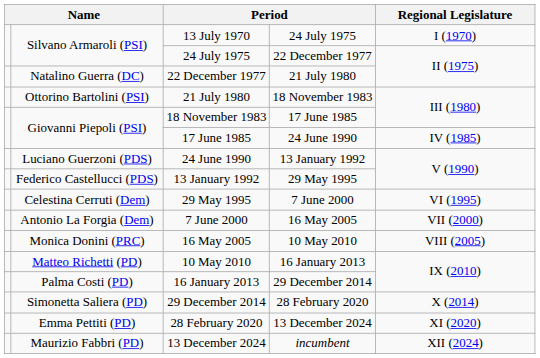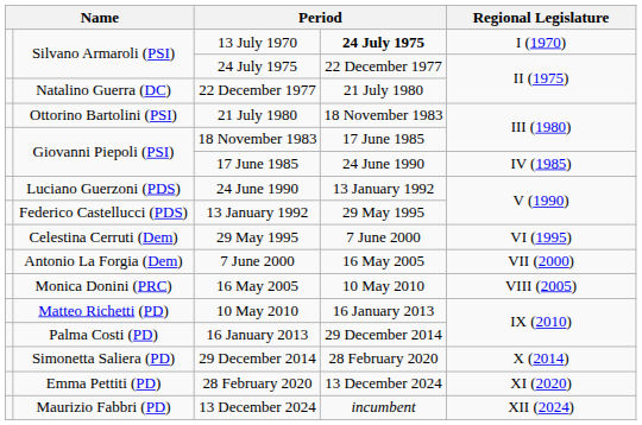 <table class="wikitable">
 <tr>
 <th width="30%" colspan=2>Name</th>
 <th width="40%" colspan=2>Period</th>
 <th width="30%">Regional Legislature</th>
 </tr>
 <tr align=center>
 <td rowspan=2 style="background:"></td>
 <td rowspan=2>Silvano Armaroli (<a href='#'>PSI</a>)</td>
 <td>13 July 1970</td>
-<td>24 July 1975</td>
+<td><strong>24 July 1975</strong></td>
 <td>I (<a href='#'>1970</a>)</td>
 </tr>
 <tr align=center>
 <td>24 July 1975</td>
 <td>22 December 1977</td>
 <td rowspan=2>II (<a href='#'>1975</a>)</td>
 </tr>
 <tr align=center>
 <td style="background:"></td>
 <td>Natalino Guerra (<a href='#'>DC</a>)</td>
 <td>22 December 1977</td>
 <td>21 July 1980</td>
 </tr>
 <tr align=center>
 <td style="background:"></td>
 <td>Ottorino Bartolini (<a href='#'>PSI</a>)</td>
 <td>21 July 1980</td>
 <td>18 November 1983</td>
 <td rowspan=2>III (<a href='#'>1980</a>)</td>
 </tr>
 <tr align=center>
 <td rowspan=2 style="background:"></td>
 <td rowspan=2>Giovanni Piepoli (<a href='#'>PSI</a>)</td>
 <td>18 November 1983</td>
 <td>17 June 1985</td>
 </tr>
 <tr align=center>
 <td>17 June 1985</td>
 <td>24 June 1990</td>
 <td>IV (<a href='#'>1985</a>)</td>
 </tr>
 <tr align=center>
 <td style="background:"></td>
 <td>Luciano Guerzoni (<a href='#'>PDS</a>)</td>
 <td>24 June 1990</td>
 <td>13 January 1992</td>
 <td rowspan=2>V (<a href='#'>1990</a>)</td>
 </tr>
 <tr align=center>
 <td style="background:"></td>
 <td>Federico Castellucci (<a href='#'>PDS</a>)</td>
 <td>13 January 1992</td>
 <td>29 May 1995</td>
 </tr>
 <tr align=center>
 <td style="background:"></td>
 <td>Celestina Cerruti (<a href='#'>Dem</a>)</td>
 <td>29 May 1995</td>
 <td>7 June 2000</td>
 <td>VI (<a href='#'>1995</a>)</td>
 </tr>
 <tr align=center>
 <td style="background:"></td>
 <td>Antonio La Forgia (<a href='#'>Dem</a>)</td>
 <td>7 June 2000</td>
 <td>16 May 2005</td>
 <td>VII (<a href='#'>2000</a>)</td>
 </tr>
 <tr align=center>
 <td style="background:"></td>
 <td>Monica Donini (<a href='#'>PRC</a>)</td>
 <td>16 May 2005</td>
 <td>10 May 2010</td>
 <td>VIII (<a href='#'>2005</a>)</td>
 </tr>
 <tr align=center>
 <td style="background:"></td>
 <td><a href='#'>Matteo Richetti</a> (<a href='#'>PD</a>)</td>
 <td>10 May 2010</td>
 <td>16 January 2013</td>
 <td rowspan="2">IX (<a href='#'>2010</a>)</td>
 </tr>
 <tr align=center>
 <td style="background:"></td>
 <td>Palma Costi (<a href='#'>PD</a>)</td>
 <td>16 January 2013</td>
 <td>29 December 2014</td>
 </tr>
 <tr align=center>
 <td style="background:"></td>
 <td>Simonetta Saliera (<a href='#'>PD</a>)</td>
 <td>29 December 2014</td>
 <td>28 February 2020</td>
 <td>X (<a href='#'>2014</a>)</td>
 </tr>
 <tr align=center>
 <td style="background:"></td>
 <td>Emma Pettiti (<a href='#'>PD</a>)</td>
 <td>28 February 2020</td>
 <td>13 December 2024</td>
 <td>XI (<a href='#'>2020</a>)</td>
 </tr>
 <tr align=center>
 <td style="background:"></td>
 <td>Maurizio Fabbri (<a href='#'>PD</a>)</td>
 <td>13 December 2024</td>
 <td><em>incumbent</em></td>
 <td>XII (<a href='#'>2024</a>)</td>
 </tr>
 </table>
